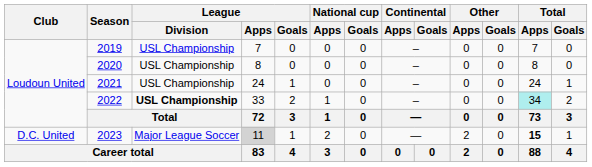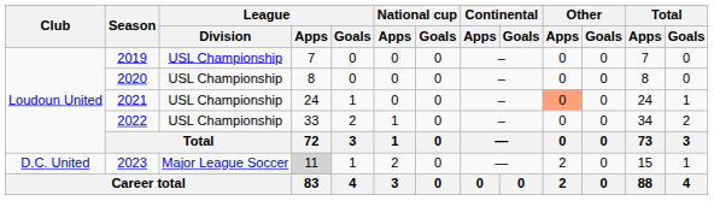 <table class="wikitable" style="text-align: center">
 <tr>
 <th rowspan="2">Club</th>
 <th rowspan="2">Season</th>
 <th colspan="3">League</th>
 <th colspan="2">National cup</th>
 <th colspan="2">Continental</th>
 <th colspan="2">Other</th>
 <th colspan="2">Total</th>
 </tr>
 <tr>
 <th>Division</th>
 <th>Apps</th>
 <th>Goals</th>
 <th>Apps</th>
 <th>Goals</th>
 <th>Apps</th>
 <th>Goals</th>
 <th>Apps</th>
 <th>Goals</th>
 <th>Apps</th>
 <th>Goals</th>
 </tr>
 <tr>
 <td rowspan="5"><a href='#'>Loudoun United</a></td>
 <td><a href='#'>2019</a></td>
 <td><a href='#'>USL Championship</a></td>
 <td>7</td>
 <td>0</td>
 <td>0</td>
 <td>0</td>
 <td colspan="2">–</td>
 <td>0</td>
 <td>0</td>
 <td>7</td>
 <td>0</td>
 </tr>
 <tr>
 <td><a href='#'>2020</a></td>
 <td>USL Championship</td>
 <td>8</td>
 <td>0</td>
 <td>0</td>
 <td>0</td>
 <td colspan="2">–</td>
 <td>0</td>
 <td>0</td>
 <td>8</td>
 <td>0</td>
 </tr>
 <tr>
 <td><a href='#'>2021</a></td>
 <td>USL Championship</td>
 <td>24</td>
 <td>1</td>
 <td>0</td>
 <td>0</td>
 <td colspan="2">–</td>
-<td>0</td>
+<td style="background: lightsalmon;">0</td>
 <td>0</td>
 <td>24</td>
 <td>1</td>
 </tr>
 <tr>
 <td><a href='#'>2022</a></td>
-<td><strong>USL Championship</strong></td>
+<td>USL Championship</td>
 <td>33</td>
 <td>2</td>
 <td>1</td>
 <td>0</td>
 <td colspan="2">–</td>
 <td>0</td>
 <td>0</td>
-<td style="background: paleturquoise;">34</td>
+<td>34</td>
 <td>2</td>
 </tr>
 <tr>
 <th colspan="2">Total</th>
 <th>72</th>
 <th>3</th>
 <th>1</th>
 <th>0</th>
 <th colspan="2">—</th>
 <th>0</th>
 <th>0</th>
 <th>73</th>
 <th>3</th>
 </tr>
 <tr>
 <td><a href='#'>D.C. United</a></td>
 <td><a href='#'>2023</a></td>
 <td><a href='#'>Major League Soccer</a></td>
 <td style="background: lightgrey;">11</td>
 <td>1</td>
 <td>2</td>
 <td>0</td>
 <td colspan="2">—</td>
 <td>2</td>
 <td>0</td>
-<td><strong>15</strong></td>
+<td>15</td>
 <td>1</td>
 </tr>
 <tr>
 <th colspan="3"><strong>Career total</strong></th>
 <th>83</th>
 <th>4</th>
 <th>3</th>
 <th>0</th>
 <th>0</th>
 <th>0</th>
 <th>2</th>
 <th>0</th>
 <th>88</th>
 <th>4</th>
 </tr>
 </table>
